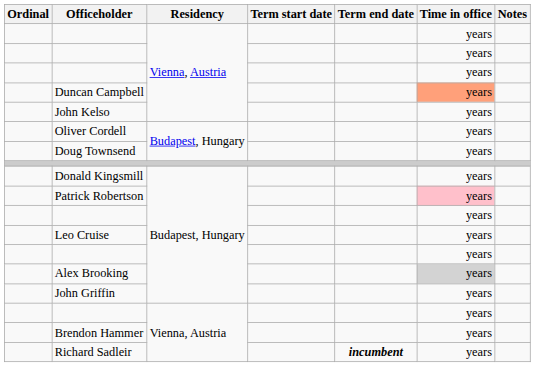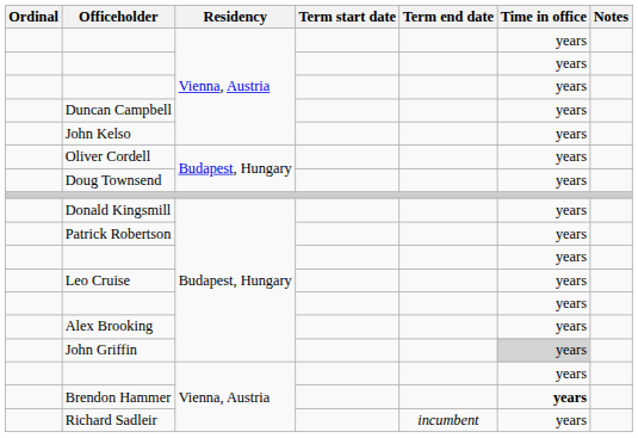 <table class='wikitable sortable'>
 <tr>
 <th>Ordinal</th>
 <th>Officeholder</th>
 <th>Residency</th>
 <th>Term start date</th>
 <th>Term end date</th>
 <th>Time in office</th>
 <th>Notes</th>
 </tr>
 <tr>
 <td align=center></td>
 <td></td>
 <td rowspan=5><a href='#'>Vienna</a>, <a href='#'>Austria</a></td>
 <td align=center></td>
 <td align=center></td>
 <td align=right> years</td>
 <td></td>
 </tr>
 <tr>
 <td align=center></td>
 <td></td>
 <td align=center></td>
 <td align=center></td>
 <td align=right> years</td>
 <td></td>
 </tr>
 <tr>
 <td align=center></td>
 <td></td>
 <td align=center></td>
 <td align=center></td>
 <td align=right> years</td>
 <td></td>
 </tr>
 <tr>
 <td align=center></td>
 <td>Duncan Campbell</td>
 <td align=center></td>
 <td align=center></td>
-<td align=right style="background: lightsalmon;"> years</td>
+<td align=right> years</td>
 <td></td>
 </tr>
 <tr>
 <td align=center></td>
 <td>John Kelso</td>
 <td align=center></td>
 <td align=center></td>
 <td align=right> years</td>
 <td></td>
 </tr>
 <tr>
 <td align=center></td>
 <td>Oliver Cordell</td>
 <td rowspan=2><a href='#'>Budapest</a>, Hungary</td>
 <td align=center></td>
 <td align=center></td>
 <td align=right> years</td>
 <td></td>
 </tr>
 <tr>
 <td align=center></td>
 <td>Doug Townsend</td>
 <td align=center></td>
 <td align=center></td>
 <td align=right> years</td>
 <td></td>
 </tr>
 <tr>
 <th colspan=7 style="background: #cccccc;"></th>
 </tr>
 <tr>
 <td align=center></td>
 <td>Donald Kingsmill</td>
 <td rowspan=7>Budapest, Hungary</td>
 <td align=center></td>
 <td align=center></td>
 <td align=right> years</td>
 <td></td>
 </tr>
 <tr>
 <td align=center></td>
 <td>Patrick Robertson</td>
 <td align=center></td>
 <td align=center></td>
-<td align=right style="background: pink;"> years</td>
+<td align=right> years</td>
 <td></td>
 </tr>
 <tr>
 <td align=center></td>
 <td></td>
 <td align=center></td>
 <td align=center></td>
 <td align=right> years</td>
 <td></td>
 </tr>
 <tr>
 <td align=center></td>
 <td>Leo Cruise</td>
 <td align=center></td>
 <td align=center></td>
 <td align=right> years</td>
 <td></td>
 </tr>
 <tr>
 <td align=center></td>
 <td></td>
 <td align=center></td>
 <td align=center></td>
 <td align=right> years</td>
 <td></td>
 </tr>
 <tr>
 <td align=center></td>
 <td>Alex Brooking</td>
 <td align=center></td>
 <td align=center></td>
-<td align=right style="background: lightgrey;"> years</td>
+<td align=right> years</td>
 <td></td>
 </tr>
 <tr>
 <td align=center></td>
 <td>John Griffin</td>
 <td align=center></td>
 <td align=center></td>
-<td align=right> years</td>
+<td align=right style="background: lightgrey;"> years</td>
 <td></td>
 </tr>
 <tr>
 <td align=center></td>
 <td></td>
 <td rowspan=3>Vienna, Austria</td>
 <td align=center></td>
 <td align=center></td>
 <td align=right> years</td>
 <td></td>
 </tr>
 <tr>
 <td align=center></td>
 <td>Brendon Hammer</td>
 <td align=center></td>
 <td align=center></td>
-<td align=right> years</td>
+<td align=right><strong> years</strong></td>
 <td></td>
 </tr>
 <tr>
 <td align=center></td>
 <td>Richard Sadleir</td>
 <td align=center></td>
-<td align=center><strong><em>incumbent</em></strong></td>
+<td align=center><em>incumbent</em></td>
 <td align=right> years</td>
 <td></td>
 </tr>
 </table>
